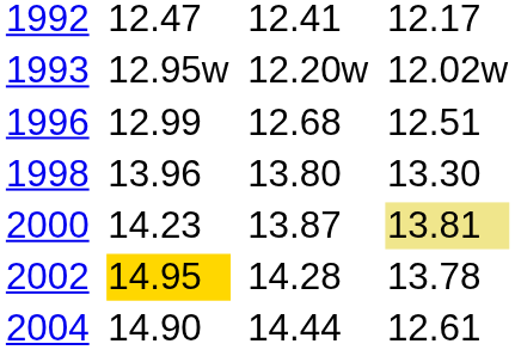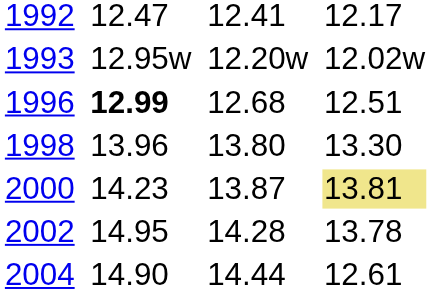 <table>
 <tr valign="top">
 <td><a href='#'>1992</a><br></td>
 <td></td>
 <td>12.47</td>
 <td></td>
 <td>12.41</td>
 <td></td>
 <td>12.17</td>
 </tr>
 <tr valign="top">
 <td><a href='#'>1993</a><br></td>
 <td></td>
 <td>12.95w</td>
 <td></td>
 <td>12.20w</td>
 <td></td>
 <td>12.02w</td>
 </tr>
 <tr valign="top">
 <td><a href='#'>1996</a><br></td>
 <td></td>
-<td>12.99</td>
+<td><strong>12.99</strong></td>
 <td></td>
 <td>12.68</td>
 <td></td>
 <td>12.51</td>
 </tr>
 <tr valign="top">
 <td><a href='#'>1998</a><br></td>
 <td></td>
 <td>13.96</td>
 <td></td>
 <td>13.80</td>
 <td></td>
 <td>13.30</td>
 </tr>
 <tr valign="top">
 <td><a href='#'>2000</a><br></td>
 <td></td>
 <td>14.23</td>
 <td></td>
 <td>13.87</td>
 <td></td>
 <td style="background: khaki;">13.81</td>
 </tr>
 <tr valign="top">
 <td><a href='#'>2002</a><br></td>
 <td></td>
-<td style="background: gold;">14.95</td>
+<td>14.95</td>
 <td></td>
 <td>14.28</td>
 <td></td>
 <td>13.78</td>
 </tr>
 <tr valign="top">
 <td><a href='#'>2004</a><br></td>
 <td></td>
 <td>14.90</td>
 <td></td>
 <td>14.44</td>
 <td></td>
 <td>12.61</td>
 </tr>
 </table>
